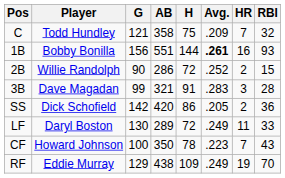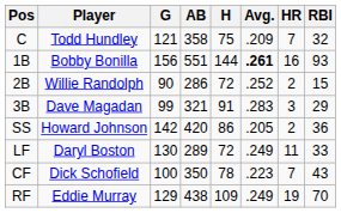 <table class="wikitable sortable">
 <tr>
 <th>Pos</th>
 <th>Player</th>
 <th>G</th>
 <th>AB</th>
 <th>H</th>
 <th>Avg.</th>
 <th>HR</th>
 <th>RBI</th>
 </tr>
 <tr align="center">
 <td>C</td>
 <td><a href='#'>Todd Hundley</a></td>
 <td>121</td>
 <td>358</td>
 <td>75</td>
 <td>.209</td>
 <td>7</td>
 <td>32</td>
 </tr>
 <tr align="center">
 <td>1B</td>
 <td><a href='#'>Bobby Bonilla</a></td>
 <td>156</td>
 <td>551</td>
 <td>144</td>
 <td><strong>.261</strong></td>
 <td>16</td>
 <td>93</td>
 </tr>
 <tr align="center">
 <td>2B</td>
 <td><a href='#'>Willie Randolph</a></td>
 <td>90</td>
 <td>286</td>
 <td>72</td>
 <td>.252</td>
 <td>2</td>
 <td>15</td>
 </tr>
 <tr align="center">
 <td>3B</td>
 <td><a href='#'>Dave Magadan</a></td>
 <td>99</td>
 <td>321</td>
 <td>91</td>
 <td>.283</td>
 <td>3</td>
-<td>28</td>
+<td>29</td>
 </tr>
 <tr align="center">
 <td>SS</td>
-<td><a href='#'>Dick Schofield</a></td>
+<td><a href='#'>Howard Johnson</a></td>
 <td>142</td>
 <td>420</td>
 <td>86</td>
 <td>.205</td>
 <td>2</td>
 <td>36</td>
 </tr>
 <tr align="center">
 <td>LF</td>
 <td><a href='#'>Daryl Boston</a></td>
 <td>130</td>
 <td>289</td>
 <td>72</td>
 <td>.249</td>
 <td>11</td>
 <td>33</td>
 </tr>
 <tr align="center">
 <td>CF</td>
-<td><a href='#'>Howard Johnson</a></td>
+<td><a href='#'>Dick Schofield</a></td>
 <td>100</td>
 <td>350</td>
 <td>78</td>
 <td>.223</td>
 <td>7</td>
 <td>43</td>
 </tr>
 <tr align="center">
 <td>RF</td>
 <td><a href='#'>Eddie Murray</a></td>
 <td>129</td>
 <td>438</td>
 <td>109</td>
 <td>.249</td>
 <td>19</td>
 <td>70</td>
 </tr>
 </table>
